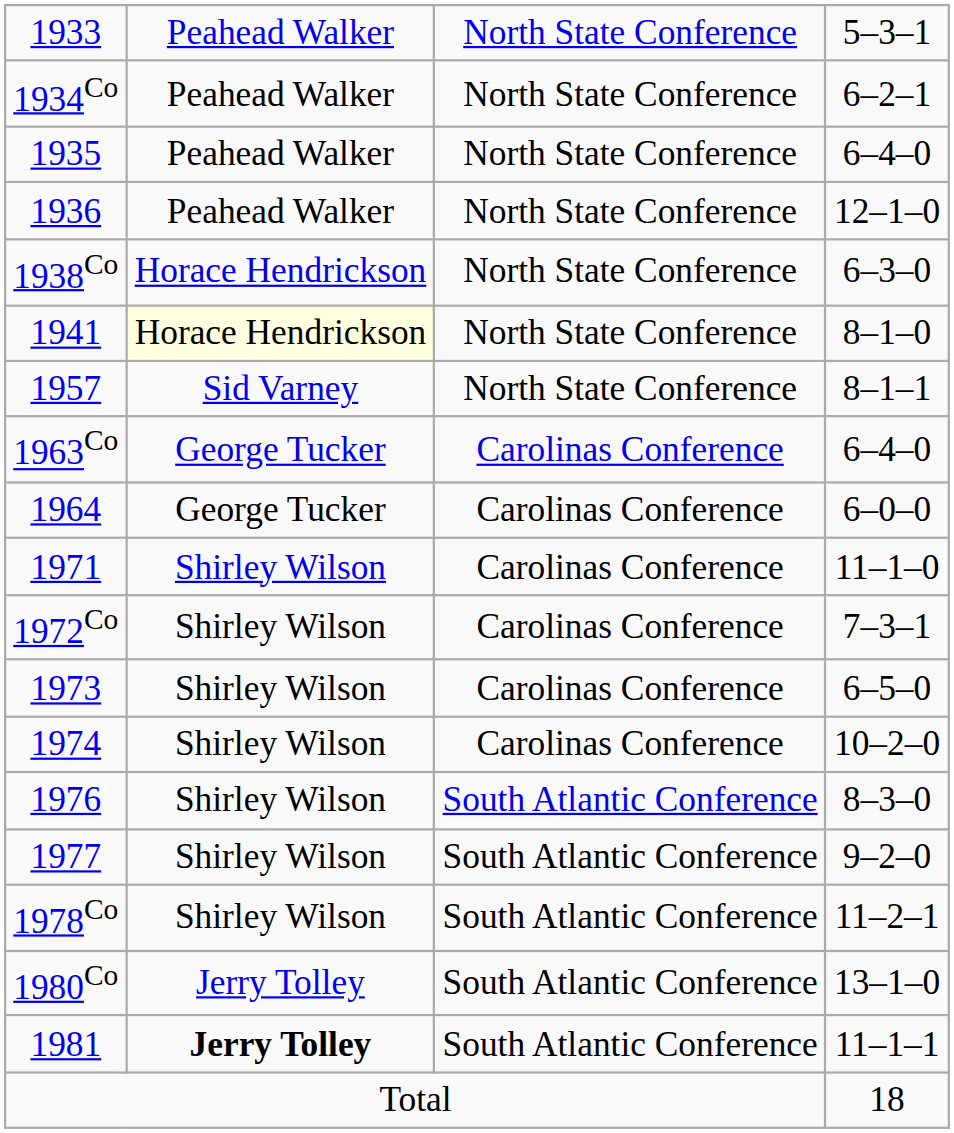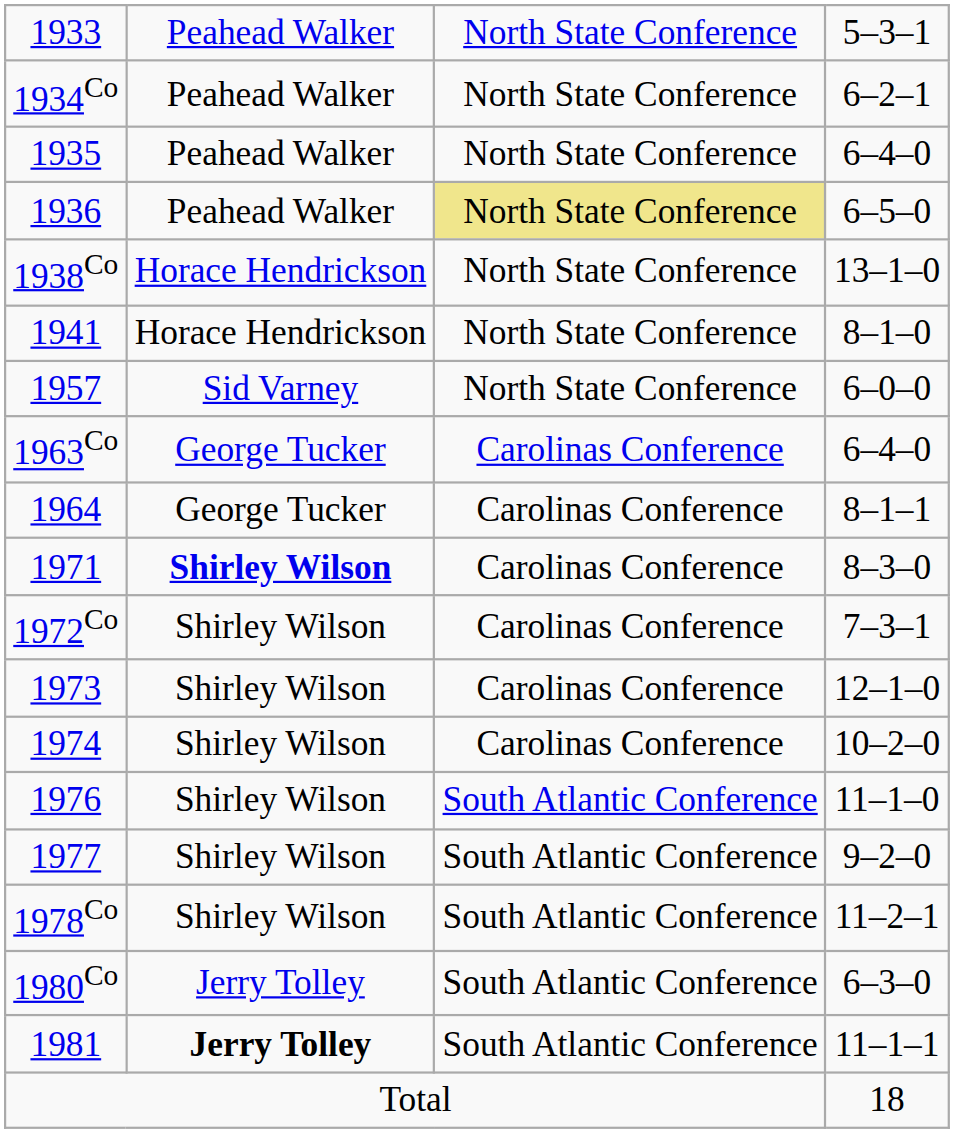 <table class="wikitable" style="text-align:center">
 <tr align="center">
 <td><a href='#'>1933</a></td>
 <td><a href='#'>Peahead Walker</a></td>
 <td><a href='#'>North State Conference</a></td>
 <td>5–3–1</td>
 </tr>
 <tr align="center">
 <td><a href='#'>1934</a><sup>Co</sup></td>
 <td>Peahead Walker</td>
 <td>North State Conference</td>
 <td>6–2–1</td>
 </tr>
 <tr align="center">
 <td><a href='#'>1935</a></td>
 <td>Peahead Walker</td>
 <td>North State Conference</td>
 <td>6–4–0</td>
 </tr>
 <tr align="center">
 <td><a href='#'>1936</a></td>
 <td>Peahead Walker</td>
-<td>North State Conference</td>
-<td>12–1–0</td>
+<td style="background: khaki;">North State Conference</td>
+<td>6–5–0</td>
 </tr>
 <tr align="center">
 <td><a href='#'>1938</a><sup>Co</sup></td>
 <td><a href='#'>Horace Hendrickson</a></td>
 <td>North State Conference</td>
-<td>6–3–0</td>
+<td>13–1–0</td>
 </tr>
 <tr align="center">
 <td><a href='#'>1941</a></td>
-<td style="background: lightyellow;">Horace Hendrickson</td>
+<td>Horace Hendrickson</td>
 <td>North State Conference</td>
 <td>8–1–0</td>
 </tr>
 <tr align="center">
 <td><a href='#'>1957</a></td>
 <td><a href='#'>Sid Varney</a></td>
 <td>North State Conference</td>
-<td>8–1–1</td>
+<td>6–0–0</td>
 </tr>
 <tr align="center">
 <td><a href='#'>1963</a><sup>Co</sup></td>
 <td><a href='#'>George Tucker</a></td>
 <td><a href='#'>Carolinas Conference</a></td>
 <td>6–4–0</td>
 </tr>
 <tr align="center">
 <td><a href='#'>1964</a></td>
 <td>George Tucker</td>
 <td>Carolinas Conference</td>
-<td>6–0–0</td>
+<td>8–1–1</td>
 </tr>
 <tr align="center">
 <td><a href='#'>1971</a></td>
-<td><a href='#'>Shirley Wilson</a></td>
+<td><strong><a href='#'>Shirley Wilson</a></strong></td>
 <td>Carolinas Conference</td>
-<td>11–1–0</td>
+<td>8–3–0</td>
 </tr>
 <tr align="center">
 <td><a href='#'>1972</a><sup>Co</sup></td>
 <td>Shirley Wilson</td>
 <td>Carolinas Conference</td>
 <td>7–3–1</td>
 </tr>
 <tr align="center">
 <td><a href='#'>1973</a></td>
 <td>Shirley Wilson</td>
 <td>Carolinas Conference</td>
-<td>6–5–0</td>
+<td>12–1–0</td>
 </tr>
 <tr align="center">
 <td><a href='#'>1974</a></td>
 <td>Shirley Wilson</td>
 <td>Carolinas Conference</td>
 <td>10–2–0</td>
 </tr>
 <tr align="center">
 <td><a href='#'>1976</a></td>
 <td>Shirley Wilson</td>
 <td><a href='#'>South Atlantic Conference</a></td>
-<td>8–3–0</td>
+<td>11–1–0</td>
 </tr>
 <tr align="center">
 <td><a href='#'>1977</a></td>
 <td>Shirley Wilson</td>
 <td>South Atlantic Conference</td>
 <td>9–2–0</td>
 </tr>
 <tr align="center">
 <td><a href='#'>1978</a><sup>Co</sup></td>
 <td>Shirley Wilson</td>
 <td>South Atlantic Conference</td>
 <td>11–2–1</td>
 </tr>
 <tr align="center">
 <td><a href='#'>1980</a><sup>Co</sup></td>
 <td><a href='#'>Jerry Tolley</a></td>
 <td>South Atlantic Conference</td>
-<td>13–1–0</td>
+<td>6–3–0</td>
 </tr>
 <tr align="center">
 <td><a href='#'>1981</a></td>
 <td><strong>Jerry Tolley</strong></td>
 <td>South Atlantic Conference</td>
 <td>11–1–1</td>
 </tr>
 <tr align="center">
 <td colspan=3>Total</td>
 <td>18</td>
 </tr>
 </table>
